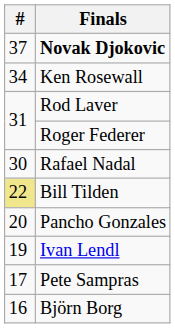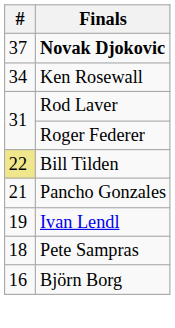 <table class=wikitable style="display:inline-table;">
 <tr>
 <th width=20>#</th>
 <th>Finals</th>
 </tr>
 <tr>
 <td>37</td>
 <td> <strong>Novak Djokovic</strong></td>
 </tr>
 <tr>
 <td>34</td>
 <td> Ken Rosewall</td>
 </tr>
 <tr>
 <td rowspan="2">31</td>
 <td> Rod Laver</td>
 </tr>
 <tr>
 <td> Roger Federer</td>
 </tr>
 <tr>
-<td>30</td>
-<td> Rafael Nadal</td>
-</tr>
-<tr>
 <td style="background: khaki;">22</td>
 <td> Bill Tilden</td>
 </tr>
 <tr>
-<td>20</td>
+<td>21</td>
 <td> Pancho Gonzales</td>
 </tr>
 <tr>
 <td>19</td>
 <td> <a href='#'>Ivan Lendl</a></td>
 </tr>
 <tr>
-<td>17</td>
+<td>18</td>
 <td> Pete Sampras</td>
 </tr>
 <tr>
 <td>16</td>
 <td> Björn Borg</td>
 </tr>
 </table>
